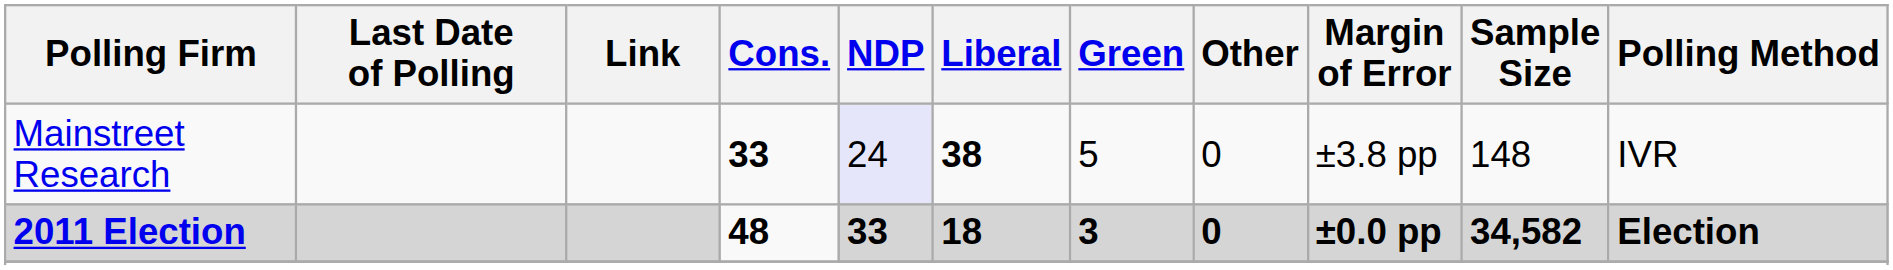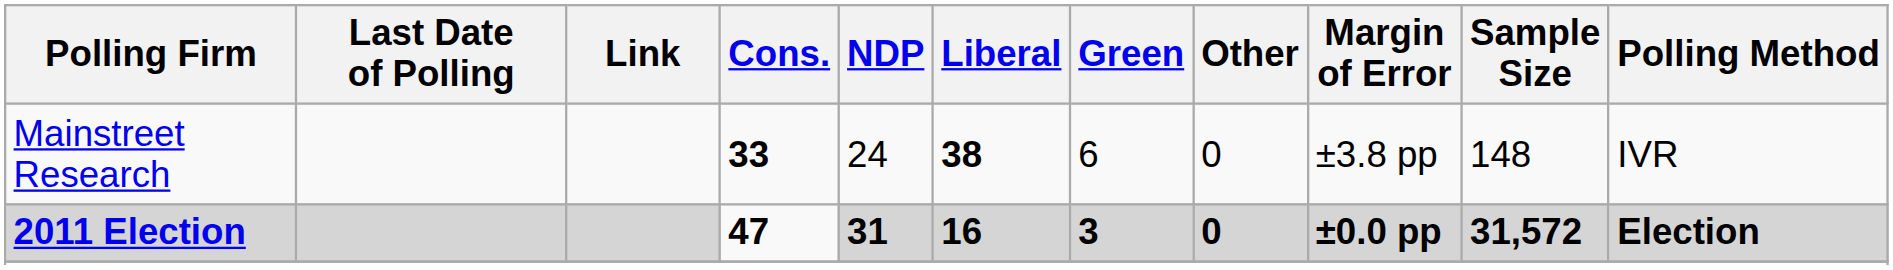 <table class="wikitable sortable">
 <tr style="background:#e9e9e9;">
 <th style="width:120px">Polling Firm</th>
 <th style="width:110px">Last Date<br>of Polling</th>
 <th style="width:60px" class="unsortable">Link</th>
 <th style="background-color:"><strong><a href='#'>Cons.</a></strong></th>
 <th style="background-color:"><strong><a href='#'>NDP</a></strong></th>
 <th style="background-color:"><strong><a href='#'>Liberal</a></strong></th>
 <th style="background-color:"><strong><a href='#'>Green</a></strong></th>
 <th style="background-color:"><strong>Other</strong></th>
 <th style="width:60px;" class=unsortable>Margin<br>of Error</th>
 <th style="width:50px;" class=unsortable>Sample<br>Size</th>
 <th class=unsortable>Polling Method</th>
 </tr>
 <tr>
 <td><a href='#'>Mainstreet Research</a></td>
 <td></td>
 <td></td>
 <td><strong>33</strong></td>
-<td style="background: lavender;">24</td>
+<td>24</td>
 <td><strong>38</strong></td>
-<td>5</td>
+<td>6</td>
 <td>0</td>
 <td>±3.8 pp</td>
 <td>148</td>
 <td>IVR</td>
 </tr>
 <tr>
 <td style="background:#D5D5D5"><strong><a href='#'>2011 Election</a></strong></td>
 <td style="background:#D5D5D5"><strong></strong></td>
 <td style="background:#D5D5D5"></td>
-<td><strong>48</strong></td>
-<td style="background:#D5D5D5"><strong>33</strong></td>
-<td style="background:#D5D5D5"><strong>18</strong></td>
+<td><strong>47</strong></td>
+<td style="background:#D5D5D5"><strong>31</strong></td>
+<td style="background:#D5D5D5"><strong>16</strong></td>
 <td style="background:#D5D5D5"><strong>3</strong></td>
 <td style="background:#D5D5D5"><strong>0</strong></td>
 <td style="background:#D5D5D5"><strong>±0.0 pp</strong></td>
-<td style="background:#D5D5D5"><strong>34,582</strong></td>
+<td style="background:#D5D5D5"><strong>31,572</strong></td>
 <td style="background:#D5D5D5"><strong>Election</strong></td>
 </tr>
 <tr>
 </tr>
 <tr>
 </tr>
 </table>
